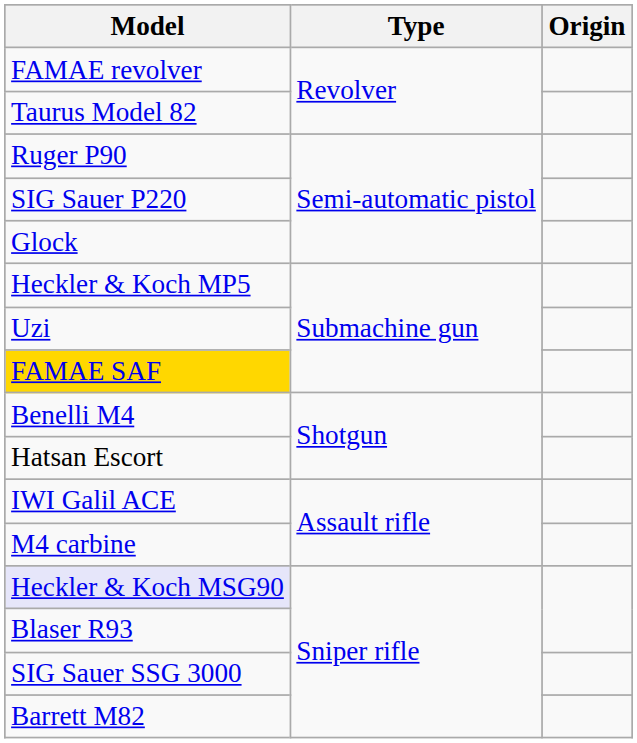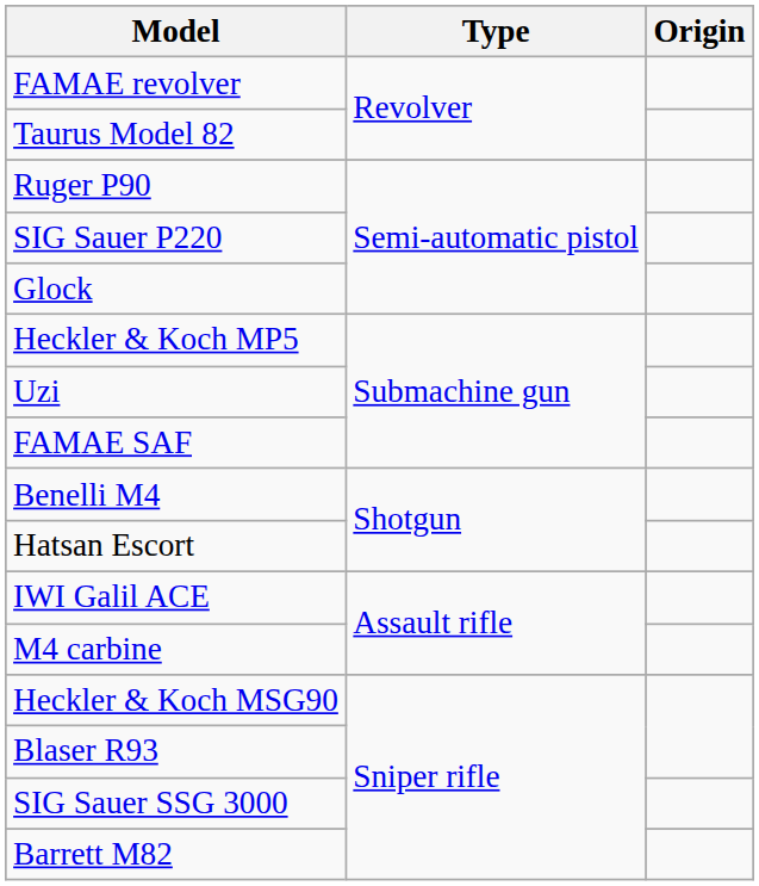 <table class="wikitable">
 <tr>
 <th>Model</th>
 <th>Type</th>
 <th>Origin</th>
 </tr>
 <tr>
 <td><a href='#'>FAMAE revolver</a></td>
 <td rowspan="2"><a href='#'>Revolver</a></td>
 <td></td>
 </tr>
 <tr>
 <td><a href='#'>Taurus Model 82</a></td>
 <td></td>
 </tr>
 <tr>
 <td><a href='#'>Ruger P90</a></td>
 <td rowspan="3"><a href='#'>Semi-automatic pistol</a></td>
 <td></td>
 </tr>
 <tr>
 <td><a href='#'>SIG Sauer P220</a></td>
 <td></td>
 </tr>
 <tr>
 <td><a href='#'>Glock</a></td>
 <td></td>
 </tr>
 <tr>
 <td><a href='#'>Heckler & Koch MP5</a></td>
 <td rowspan="3"><a href='#'>Submachine gun</a></td>
 <td></td>
 </tr>
 <tr>
 <td><a href='#'>Uzi</a></td>
 <td></td>
 </tr>
 <tr>
-<td style="background: gold;"><a href='#'>FAMAE SAF</a></td>
+<td><a href='#'>FAMAE SAF</a></td>
 <td></td>
 </tr>
 <tr>
 <td><a href='#'>Benelli M4</a></td>
 <td rowspan="2"><a href='#'>Shotgun</a></td>
 <td></td>
 </tr>
 <tr>
 <td>Hatsan Escort</td>
 <td></td>
 </tr>
 <tr>
 <td><a href='#'>IWI Galil ACE</a></td>
 <td rowspan="2"><a href='#'>Assault rifle</a></td>
 <td></td>
 </tr>
 <tr>
 <td><a href='#'>M4 carbine</a></td>
 <td></td>
 </tr>
 <tr>
-<td style="background: lavender;"><a href='#'>Heckler & Koch MSG90</a></td>
+<td><a href='#'>Heckler & Koch MSG90</a></td>
 <td rowspan="4"><a href='#'>Sniper rifle</a></td>
 <td rowspan="2"></td>
 </tr>
 <tr>
 <td><a href='#'>Blaser R93</a></td>
 </tr>
 <tr>
 <td><a href='#'>SIG Sauer SSG 3000</a></td>
 <td></td>
 </tr>
 <tr>
 <td><a href='#'>Barrett M82</a></td>
 <td></td>
 </tr>
 </table>
